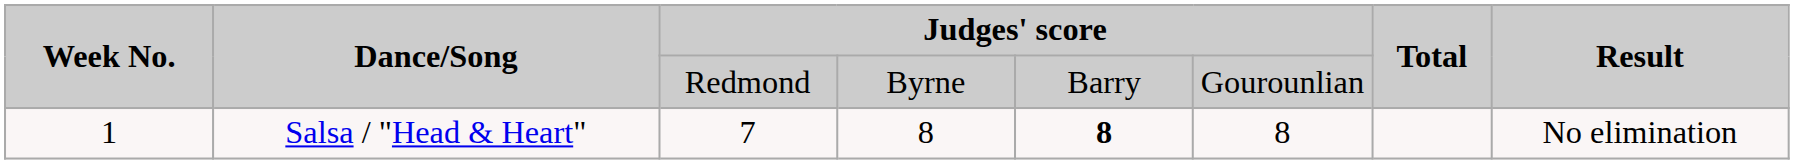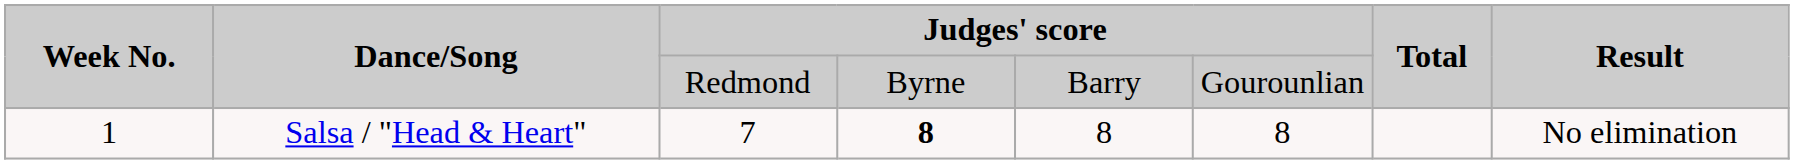 <table class="wikitable collapsible">
 <tr>
 <th rowspan="2" style="background:#ccc; text-align:Center;"><strong>Week No.</strong></th>
 <th rowspan="2" style="background:#ccc; text-align:Center;"><strong>Dance/Song</strong></th>
 <th colspan="4" style="background:#ccc; text-align:Center;"><strong>Judges' score</strong></th>
 <th rowspan="2" style="background:#ccc; text-align:Center;"><strong>Total</strong></th>
 <th rowspan="2" style="background:#ccc; text-align:Center;"><strong>Result</strong></th>
 </tr>
 <tr style="text-align:center; background:#ccc;">
 <td style="width:10%; ">Redmond</td>
 <td style="width:10%; ">Byrne</td>
 <td style="width:10%; ">Barry</td>
 <td style="width:10%; ">Gourounlian</td>
 </tr>
 <tr style="text-align:center; background:#faf6f6;">
 <td>1</td>
 <td><a href='#'>Salsa</a> / "<a href='#'>Head & Heart</a>"</td>
 <td>7</td>
+<td><strong>8</strong></td>
 <td>8</td>
-<td><strong>8</strong></td>
 <td>8</td>
 <td></td>
 <td>No elimination</td>
 </tr>
 </table>
